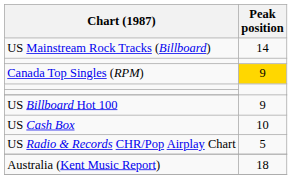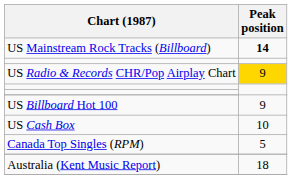 <table class="wikitable">
 <tr>
 <th>Chart (1987)</th>
 <th>Peak<br>position</th>
 </tr>
 <tr>
 <td align="left">US <a href='#'>Mainstream Rock Tracks</a> (<a href='#'><em>Billboard</em></a>)</td>
-<td style="text-align:center;">14</td>
+<td style="text-align:center;"><strong>14</strong></td>
 </tr>
 <tr>
 <td></td>
 </tr>
 <tr>
-<td align="left"><a href='#'>Canada Top Singles</a> (<em>RPM</em>)</td>
+<td>US <em><a href='#'>Radio & Records</a></em> <a href='#'>CHR/Pop</a> <a href='#'>Airplay</a> Chart</td>
 <td align="center" style="background: gold;">9</td>
 </tr>
 <tr>
 <td></td>
 </tr>
 <tr>
 <td></td>
 </tr>
 <tr>
 </tr>
 <tr>
 <td align=“left”>US <a href='#'><em>Billboard</em> Hot 100</a></td>
 <td align="center">9</td>
 </tr>
 <tr>
 <td align=“left”>US <a href='#'><em>Cash Box</em></a></td>
 <td style="text-align:center;">10</td>
 </tr>
 <tr>
-<td>US <em><a href='#'>Radio & Records</a></em> <a href='#'>CHR/Pop</a> <a href='#'>Airplay</a> Chart</td>
+<td align="left"><a href='#'>Canada Top Singles</a> (<em>RPM</em>)</td>
 <td align="center">5</td>
 </tr>
 <tr>
 </tr>
 <tr>
 <td>Australia (<a href='#'>Kent Music Report</a>)</td>
 <td align="center">18</td>
 </tr>
 <tr>
 </tr>
 </table>
